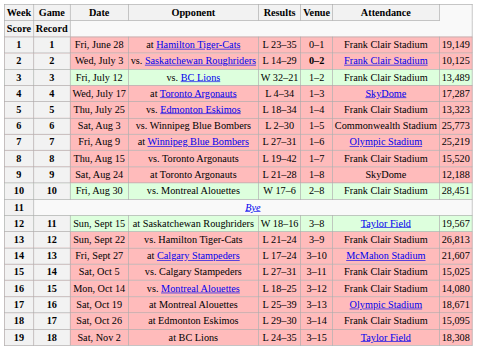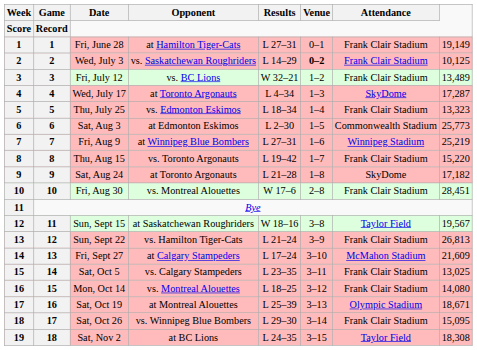 <table class="wikitable" style="text-align:center">
 <tr>
 <th>Week</th>
 <th>Game</th>
 <th>Date</th>
 <th>Opponent</th>
 <th>Results</th>
 <th>Venue</th>
 <th>Attendance</th>
 </tr>
 <tr>
 <th>Score</th>
 <th>Record</th>
 </tr>
 <tr style="background:#ffbbbb">
 <th>1</th>
 <th>1</th>
 <td>Fri, June 28</td>
 <td>at <a href='#'>Hamilton Tiger-Cats</a></td>
-<td>L 23–35</td>
+<td>L 27–31</td>
 <td>0–1</td>
 <td>Frank Clair Stadium</td>
 <td>19,149</td>
 </tr>
 <tr style="background:#ffbbbb">
 <th>2</th>
 <th>2</th>
 <td>Wed, July 3</td>
 <td>vs. <a href='#'>Saskatchewan Roughriders</a></td>
 <td>L 14–29</td>
 <td><strong>0–2</strong></td>
 <td><a href='#'>Frank Clair Stadium</a></td>
 <td>10,125</td>
 </tr>
 <tr style="background:#ddffdd">
 <th>3</th>
 <th>3</th>
 <td>Fri, July 12</td>
 <td>vs. <a href='#'>BC Lions</a></td>
 <td>W 32–21</td>
 <td>1–2</td>
 <td>Frank Clair Stadium</td>
 <td>13,489</td>
 </tr>
 <tr style="background:#ffbbbb">
 <th>4</th>
 <th>4</th>
 <td>Wed, July 17</td>
 <td>at <a href='#'>Toronto Argonauts</a></td>
 <td>L 4–34</td>
 <td>1–3</td>
 <td><a href='#'>SkyDome</a></td>
 <td>17,287</td>
 </tr>
 <tr style="background:#ffbbbb">
 <th>5</th>
 <th>5</th>
 <td>Thu, July 25</td>
 <td>vs. <a href='#'>Edmonton Eskimos</a></td>
 <td>L 18–34</td>
 <td>1–4</td>
 <td>Frank Clair Stadium</td>
 <td>13,323</td>
 </tr>
 <tr style="background:#ffbbbb">
 <th>6</th>
 <th>6</th>
 <td>Sat, Aug 3</td>
-<td>vs. Winnipeg Blue Bombers</td>
+<td>at Edmonton Eskimos</td>
 <td>L 2–30</td>
 <td>1–5</td>
 <td>Commonwealth Stadium</td>
 <td>25,773</td>
 </tr>
 <tr style="background:#ffbbbb">
 <th>7</th>
 <th>7</th>
 <td>Fri, Aug 9</td>
 <td>at <a href='#'>Winnipeg Blue Bombers</a></td>
 <td>L 27–31</td>
 <td>1–6</td>
-<td><a href='#'>Olympic Stadium</a></td>
+<td><a href='#'>Winnipeg Stadium</a></td>
 <td>25,219</td>
 </tr>
 <tr style="background:#ffbbbb">
 <th>8</th>
 <th>8</th>
 <td>Thu, Aug 15</td>
 <td>vs. Toronto Argonauts</td>
 <td>L 19–42</td>
 <td>1–7</td>
 <td>Frank Clair Stadium</td>
-<td>15,520</td>
+<td>15,220</td>
 </tr>
 <tr style="background:#ffbbbb">
 <th>9</th>
 <th>9</th>
 <td>Sat, Aug 24</td>
 <td>at Toronto Argonauts</td>
 <td>L 21–28</td>
 <td>1–8</td>
 <td>SkyDome</td>
-<td>12,188</td>
+<td>17,182</td>
 </tr>
 <tr style="background:#ddffdd">
 <th>10</th>
 <th>10</th>
 <td>Fri, Aug 30</td>
 <td>vs. Montreal Alouettes</td>
 <td>W 17–6</td>
 <td>2–8</td>
 <td>Frank Clair Stadium</td>
 <td>28,451</td>
 </tr>
 <tr>
 <th>11</th>
 <td colspan="7"><em><a href='#'>Bye</a></em></td>
 </tr>
 <tr style="background:#ddffdd">
 <th>12</th>
 <th>11</th>
 <td>Sun, Sept 15</td>
 <td>at Saskatchewan Roughriders</td>
 <td>W 18–16</td>
 <td>3–8</td>
 <td><a href='#'>Taylor Field</a></td>
 <td>19,567</td>
 </tr>
 <tr style="background:#ffbbbb">
 <th>13</th>
 <th>12</th>
 <td>Sun, Sept 22</td>
 <td>vs. Hamilton Tiger-Cats</td>
 <td>L 21–24</td>
 <td>3–9</td>
 <td>Frank Clair Stadium</td>
 <td>26,813</td>
 </tr>
 <tr style="background:#ffbbbb">
 <th>14</th>
 <th>13</th>
 <td>Fri, Sept 27</td>
 <td>at <a href='#'>Calgary Stampeders</a></td>
 <td>L 17–24</td>
 <td>3–10</td>
 <td><a href='#'>McMahon Stadium</a></td>
-<td>21,607</td>
+<td>21,609</td>
 </tr>
 <tr style="background:#ffbbbb">
 <th>15</th>
 <th>14</th>
 <td>Sat, Oct 5</td>
 <td>vs. Calgary Stampeders</td>
-<td>L 27–31</td>
+<td>L 23–35</td>
 <td>3–11</td>
 <td>Frank Clair Stadium</td>
-<td>15,025</td>
+<td>13,025</td>
 </tr>
 <tr style="background:#ffbbbb">
 <th>16</th>
 <th>15</th>
 <td>Mon, Oct 14</td>
 <td>vs. <a href='#'>Montreal Alouettes</a></td>
 <td>L 18–25</td>
 <td>3–12</td>
 <td>Frank Clair Stadium</td>
 <td>14,080</td>
 </tr>
 <tr style="background:#ffbbbb">
 <th>17</th>
 <th>16</th>
 <td>Sat, Oct 19</td>
 <td>at Montreal Alouettes</td>
 <td>L 25–39</td>
 <td>3–13</td>
 <td><a href='#'>Olympic Stadium</a></td>
 <td>18,671</td>
 </tr>
 <tr style="background:#ffbbbb">
 <th>18</th>
 <th>17</th>
 <td>Sat, Oct 26</td>
-<td>at Edmonton Eskimos</td>
+<td>vs. Winnipeg Blue Bombers</td>
 <td>L 29–30</td>
 <td>3–14</td>
 <td>Frank Clair Stadium</td>
 <td>15,095</td>
 </tr>
 <tr style="background:#ffbbbb">
 <th>19</th>
 <th>18</th>
 <td>Sat, Nov 2</td>
 <td>at BC Lions</td>
 <td>L 24–35</td>
 <td>3–15</td>
 <td><a href='#'>Taylor Field</a></td>
 <td>18,308</td>
 </tr>
 </table>
